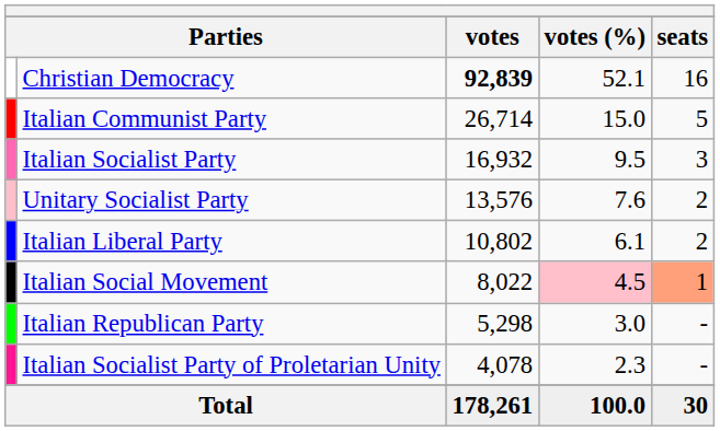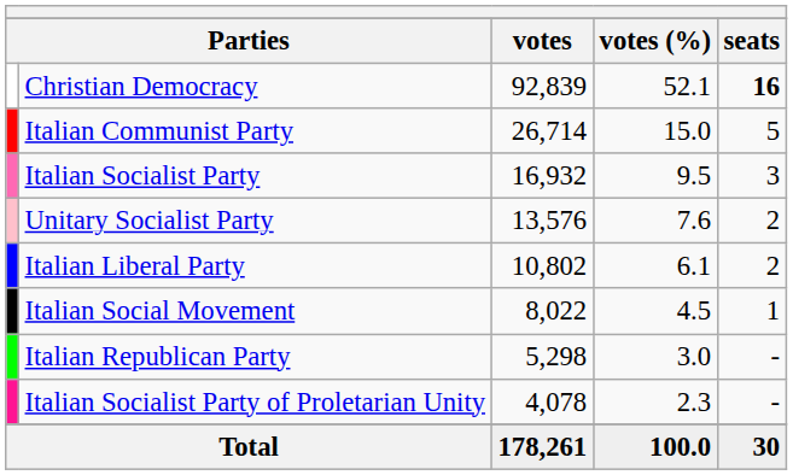 <table class="wikitable" style="font-size:95%">
 <tr>
 <th colspan=5></th>
 </tr>
 <tr>
 </tr>
 <tr bgcolor="EFEFEF">
 <th colspan=2>Parties</th>
 <th>votes</th>
 <th>votes (%)</th>
 <th>seats</th>
 </tr>
 <tr>
 <td bgcolor=White></td>
 <td><a href='#'>Christian Democracy</a></td>
-<td align=right><strong>92,839</strong></td>
+<td align=right>92,839</td>
 <td align=right>52.1</td>
-<td align=right>16</td>
+<td align=right><strong>16</strong></td>
 </tr>
 <tr>
 <td bgcolor=Red></td>
 <td><a href='#'>Italian Communist Party</a></td>
 <td align=right>26,714</td>
 <td align=right>15.0</td>
 <td align=right>5</td>
 </tr>
 <tr>
 <td bgcolor=Hotpink></td>
 <td><a href='#'>Italian Socialist Party</a></td>
 <td align=right>16,932</td>
 <td align=right>9.5</td>
 <td align=right>3</td>
 </tr>
 <tr>
 <td bgcolor=Pink></td>
 <td><a href='#'>Unitary Socialist Party</a></td>
 <td align=right>13,576</td>
 <td align=right>7.6</td>
 <td align=right>2</td>
 </tr>
 <tr>
 <td bgcolor=Blue></td>
 <td><a href='#'>Italian Liberal Party</a></td>
 <td align=right>10,802</td>
 <td align=right>6.1</td>
 <td align=right>2</td>
 </tr>
 <tr>
 <td bgcolor=Black></td>
 <td><a href='#'>Italian Social Movement</a></td>
 <td align=right>8,022</td>
-<td align=right style="background: pink;">4.5</td>
-<td align=right style="background: lightsalmon;">1</td>
+<td align=right>4.5</td>
+<td align=right>1</td>
 </tr>
 <tr>
 <td bgcolor=Lime></td>
 <td><a href='#'>Italian Republican Party</a></td>
 <td align=right>5,298</td>
 <td align=right>3.0</td>
 <td align=right>-</td>
 </tr>
 <tr>
 <td bgcolor=Deeppink></td>
 <td><a href='#'>Italian Socialist Party of Proletarian Unity</a></td>
 <td align=right>4,078</td>
 <td align=right>2.3</td>
 <td align=right>-</td>
 </tr>
 <tr>
 </tr>
 <tr bgcolor="EFEFEF">
 <th colspan=2><strong>Total</strong></th>
 <td align=right><strong>178,261</strong></td>
 <td align=right><strong>100.0</strong></td>
 <td align=right><strong>30</strong></td>
 </tr>
 </table>
